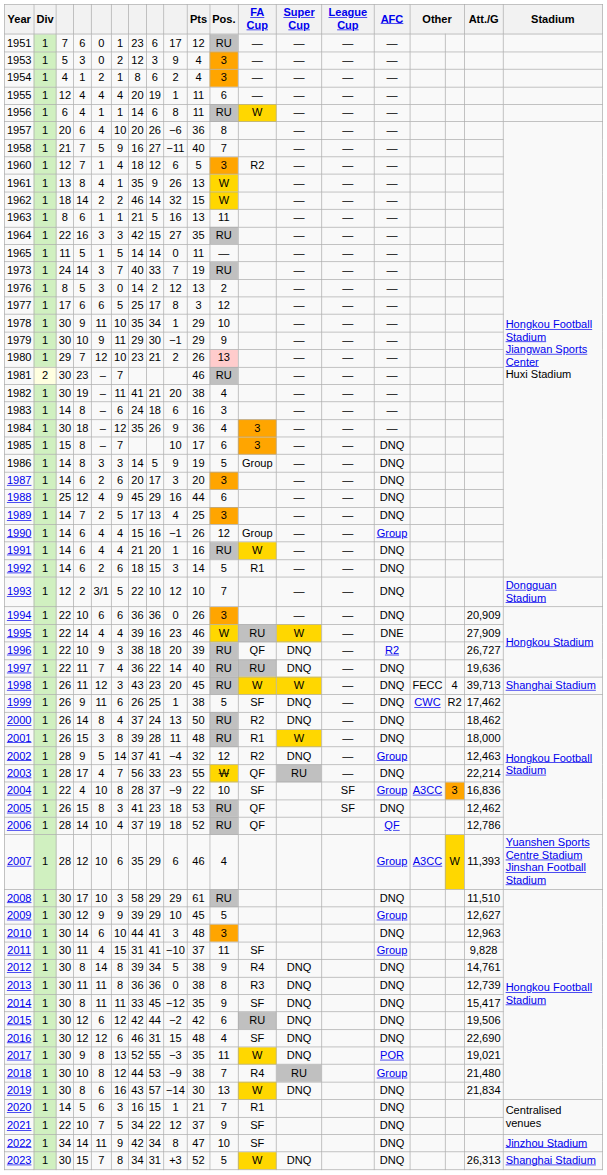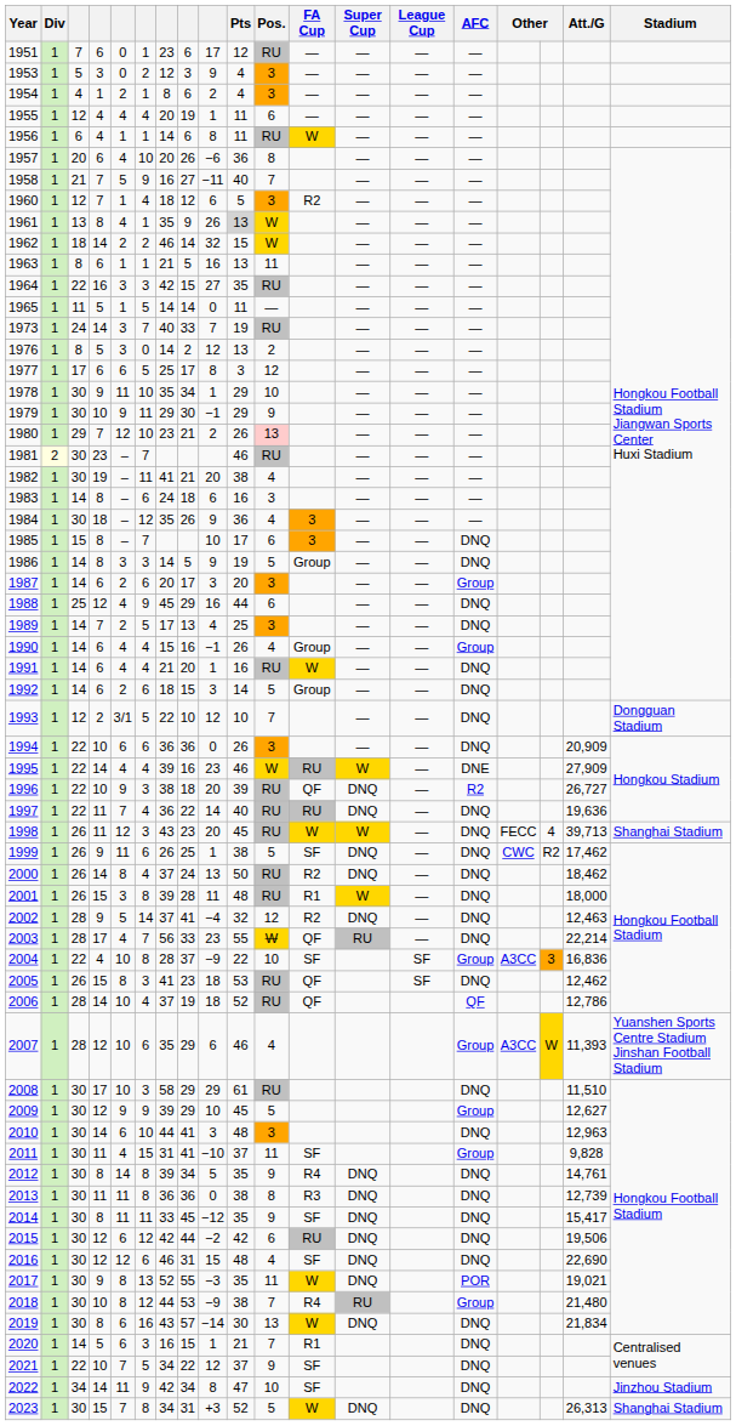 <table class="wikitable sortable" style="text-align:center;">
 <tr>
 <th>Year</th>
 <th>Div</th>
 <th></th>
 <th></th>
 <th></th>
 <th></th>
 <th></th>
 <th></th>
 <th></th>
 <th>Pts</th>
 <th>Pos.</th>
 <th><a href='#'>FA Cup</a></th>
 <th><a href='#'>Super Cup</a></th>
 <th><a href='#'>League Cup</a></th>
 <th><a href='#'>AFC</a></th>
 <th colspan=2>Other</th>
 <th>Att./G</th>
 <th>Stadium</th>
 </tr>
 <tr>
 <td>1951</td>
 <td style="background:#d0f0c0;">1</td>
 <td>7</td>
 <td>6</td>
 <td>0</td>
 <td>1</td>
 <td>23</td>
 <td>6</td>
 <td>17</td>
 <td>12</td>
 <td style="background:silver;">RU</td>
 <td>—</td>
 <td>—</td>
 <td>—</td>
 <td>—</td>
 <td></td>
 <td></td>
 <td></td>
 <td></td>
 </tr>
 <tr>
 <td>1953</td>
 <td style="background:#d0f0c0;">1</td>
 <td>5</td>
 <td>3</td>
 <td>0</td>
 <td>2</td>
 <td>12</td>
 <td>3</td>
 <td>9</td>
 <td>4</td>
 <td style="background:orange;">3</td>
 <td>—</td>
 <td>—</td>
 <td>—</td>
 <td>—</td>
 <td></td>
 <td></td>
 <td></td>
 <td></td>
 </tr>
 <tr>
 <td>1954</td>
 <td style="background:#d0f0c0;">1</td>
 <td>4</td>
 <td>1</td>
 <td>2</td>
 <td>1</td>
 <td>8</td>
 <td>6</td>
 <td>2</td>
 <td>4</td>
 <td style="background:orange;">3</td>
 <td>—</td>
 <td>—</td>
 <td>—</td>
 <td>—</td>
 <td></td>
 <td></td>
 <td></td>
 <td></td>
 </tr>
 <tr>
 <td>1955</td>
 <td style="background:#d0f0c0;">1</td>
 <td>12</td>
 <td>4</td>
 <td>4</td>
 <td>4</td>
 <td>20</td>
 <td>19</td>
 <td>1</td>
 <td>11</td>
 <td>6</td>
 <td>—</td>
 <td>—</td>
 <td>—</td>
 <td>—</td>
 <td></td>
 <td></td>
 <td></td>
 <td></td>
 </tr>
 <tr>
 <td>1956</td>
 <td style="background:#d0f0c0;">1</td>
 <td>6</td>
 <td>4</td>
 <td>1</td>
 <td>1</td>
 <td>14</td>
 <td>6</td>
 <td>8</td>
 <td>11</td>
 <td style="background:silver;">RU</td>
 <td style="background:gold;">W</td>
 <td>—</td>
 <td>—</td>
 <td>—</td>
 <td></td>
 <td></td>
 <td></td>
 <td></td>
 </tr>
 <tr>
 <td>1957</td>
 <td style="background:#d0f0c0;">1</td>
 <td>20</td>
 <td>6</td>
 <td>4</td>
 <td>10</td>
 <td>20</td>
 <td>26</td>
 <td>−6</td>
 <td>36</td>
 <td>8</td>
 <td></td>
 <td>—</td>
 <td>—</td>
 <td>—</td>
 <td></td>
 <td></td>
 <td></td>
 <td style="text-align:left;" rowspan="26"><a href='#'>Hongkou Football Stadium</a><br><a href='#'>Jiangwan Sports Center</a><br>Huxi Stadium</td>
 </tr>
 <tr>
 <td>1958</td>
 <td style="background:#d0f0c0;">1</td>
 <td>21</td>
 <td>7</td>
 <td>5</td>
 <td>9</td>
 <td>16</td>
 <td>27</td>
 <td>−11</td>
 <td>40</td>
 <td>7</td>
 <td></td>
 <td>—</td>
 <td>—</td>
 <td>—</td>
 <td></td>
 <td></td>
 <td></td>
 </tr>
 <tr>
 <td>1960</td>
 <td style="background:#d0f0c0;">1</td>
 <td>12</td>
 <td>7</td>
 <td>1</td>
 <td>4</td>
 <td>18</td>
 <td>12</td>
 <td>6</td>
 <td>5</td>
 <td style="background:orange;">3</td>
 <td>R2</td>
 <td>—</td>
 <td>—</td>
 <td>—</td>
 <td></td>
 <td></td>
 <td></td>
 </tr>
 <tr>
 <td>1961</td>
 <td style="background:#d0f0c0;">1</td>
 <td>13</td>
 <td>8</td>
 <td>4</td>
 <td>1</td>
 <td>35</td>
 <td>9</td>
 <td>26</td>
-<td>13</td>
+<td style="background: lightgrey;">13</td>
 <td style="background:gold;">W</td>
 <td></td>
 <td>—</td>
 <td>—</td>
 <td>—</td>
 <td></td>
 <td></td>
 <td></td>
 </tr>
 <tr>
 <td>1962</td>
 <td style="background:#d0f0c0;">1</td>
 <td>18</td>
 <td>14</td>
 <td>2</td>
 <td>2</td>
 <td>46</td>
 <td>14</td>
 <td>32</td>
 <td>15</td>
 <td style="background:gold;">W</td>
 <td></td>
 <td>—</td>
 <td>—</td>
 <td>—</td>
 <td></td>
 <td></td>
 <td></td>
 </tr>
 <tr>
 <td>1963</td>
 <td style="background:#d0f0c0;">1</td>
 <td>8</td>
 <td>6</td>
 <td>1</td>
 <td>1</td>
 <td>21</td>
 <td>5</td>
 <td>16</td>
 <td>13</td>
 <td>11</td>
 <td></td>
 <td>—</td>
 <td>—</td>
 <td>—</td>
 <td></td>
 <td></td>
 <td></td>
 </tr>
 <tr>
 <td>1964</td>
 <td style="background:#d0f0c0;">1</td>
 <td>22</td>
 <td>16</td>
 <td>3</td>
 <td>3</td>
 <td>42</td>
 <td>15</td>
 <td>27</td>
 <td>35</td>
 <td style="background:silver;">RU</td>
 <td></td>
 <td>—</td>
 <td>—</td>
 <td>—</td>
 <td></td>
 <td></td>
 <td></td>
 </tr>
 <tr>
 <td>1965</td>
 <td style="background:#d0f0c0;">1</td>
 <td>11</td>
 <td>5</td>
 <td>1</td>
 <td>5</td>
 <td>14</td>
 <td>14</td>
 <td>0</td>
 <td>11</td>
 <td>—</td>
 <td></td>
 <td>—</td>
 <td>—</td>
 <td>—</td>
 <td></td>
 <td></td>
 <td></td>
 </tr>
 <tr>
 <td>1973</td>
 <td style="background:#d0f0c0;">1</td>
 <td>24</td>
 <td>14</td>
 <td>3</td>
 <td>7</td>
 <td>40</td>
 <td>33</td>
 <td>7</td>
 <td>19</td>
 <td style="background:silver;">RU</td>
 <td></td>
 <td>—</td>
 <td>—</td>
 <td>—</td>
 <td></td>
 <td></td>
 <td></td>
 </tr>
 <tr>
 <td>1976</td>
 <td style="background:#d0f0c0;">1</td>
 <td>8</td>
 <td>5</td>
 <td>3</td>
 <td>0</td>
 <td>14</td>
 <td>2</td>
 <td>12</td>
 <td>13</td>
 <td>2</td>
 <td></td>
 <td>—</td>
 <td>—</td>
 <td>—</td>
 <td></td>
 <td></td>
 <td></td>
 </tr>
 <tr>
 <td>1977</td>
 <td style="background:#d0f0c0;">1</td>
 <td>17</td>
 <td>6</td>
 <td>6</td>
 <td>5</td>
 <td>25</td>
 <td>17</td>
 <td>8</td>
 <td>3</td>
 <td>12</td>
 <td></td>
 <td>—</td>
 <td>—</td>
 <td>—</td>
 <td></td>
 <td></td>
 <td></td>
 </tr>
 <tr>
 <td>1978</td>
 <td style="background:#d0f0c0;">1</td>
 <td>30</td>
 <td>9</td>
 <td>11</td>
 <td>10</td>
 <td>35</td>
 <td>34</td>
 <td>1</td>
 <td>29</td>
 <td>10</td>
 <td></td>
 <td>—</td>
 <td>—</td>
 <td>—</td>
 <td></td>
 <td></td>
 <td></td>
 </tr>
 <tr>
 <td>1979</td>
 <td style="background:#d0f0c0;">1</td>
 <td>30</td>
 <td>10</td>
 <td>9</td>
 <td>11</td>
 <td>29</td>
 <td>30</td>
 <td>−1</td>
 <td>29</td>
 <td>9</td>
 <td></td>
 <td>—</td>
 <td>—</td>
 <td>—</td>
 <td></td>
 <td></td>
 <td></td>
 </tr>
 <tr>
 <td>1980</td>
 <td style="background:#d0f0c0;">1</td>
 <td>29</td>
 <td>7</td>
 <td>12</td>
 <td>10</td>
 <td>23</td>
 <td>21</td>
 <td>2</td>
 <td>26</td>
 <td style="background:#fcc;">13</td>
 <td></td>
 <td>—</td>
 <td>—</td>
 <td>—</td>
 <td></td>
 <td></td>
 <td></td>
 </tr>
 <tr>
 <td>1981</td>
 <td style="background:#ffffe0;">2</td>
 <td>30</td>
 <td>23</td>
 <td> –</td>
 <td>7</td>
 <td></td>
 <td></td>
 <td></td>
 <td>46</td>
 <td style="background:silver;">RU</td>
 <td></td>
 <td>—</td>
 <td>—</td>
 <td>—</td>
 <td></td>
 <td></td>
 <td></td>
 </tr>
 <tr>
 <td>1982</td>
 <td style="background:#d0f0c0;">1</td>
 <td>30</td>
 <td>19</td>
 <td> –</td>
 <td>11</td>
 <td>41</td>
 <td>21</td>
 <td>20</td>
 <td>38</td>
 <td>4</td>
 <td></td>
 <td>—</td>
 <td>—</td>
 <td>—</td>
 <td></td>
 <td></td>
 <td></td>
 </tr>
 <tr>
 <td>1983</td>
 <td style="background:#d0f0c0;">1</td>
 <td>14</td>
 <td>8</td>
 <td> –</td>
 <td>6</td>
 <td>24</td>
 <td>18</td>
 <td>6</td>
 <td>16</td>
 <td>3</td>
 <td></td>
 <td>—</td>
 <td>—</td>
 <td>—</td>
 <td></td>
 <td></td>
 <td></td>
 </tr>
 <tr>
 <td>1984</td>
 <td style="background:#d0f0c0;">1</td>
 <td>30</td>
 <td>18</td>
 <td> –</td>
 <td>12</td>
 <td>35</td>
 <td>26</td>
 <td>9</td>
 <td>36</td>
 <td>4</td>
 <td style="background:orange;">3</td>
 <td>—</td>
 <td>—</td>
 <td>—</td>
 <td></td>
 <td></td>
 <td></td>
 </tr>
 <tr>
 <td>1985</td>
 <td style="background:#d0f0c0;">1</td>
 <td>15</td>
 <td>8</td>
 <td> –</td>
 <td>7</td>
 <td></td>
 <td></td>
 <td>10</td>
 <td>17</td>
 <td>6</td>
 <td style="background:orange;">3</td>
 <td>—</td>
 <td>—</td>
 <td>DNQ</td>
 <td></td>
 <td></td>
 <td></td>
 </tr>
 <tr>
 <td>1986</td>
 <td style="background:#d0f0c0;">1</td>
 <td>14</td>
 <td>8</td>
 <td>3</td>
 <td>3</td>
 <td>14</td>
 <td>5</td>
 <td>9</td>
 <td>19</td>
 <td>5</td>
 <td>Group</td>
 <td>—</td>
 <td>—</td>
 <td>DNQ</td>
 <td></td>
 <td></td>
 <td></td>
 </tr>
 <tr>
 <td><a href='#'>1987</a></td>
 <td style="background:#d0f0c0;">1</td>
 <td>14</td>
 <td>6</td>
 <td>2</td>
 <td>6</td>
 <td>20</td>
 <td>17</td>
 <td>3</td>
 <td>20</td>
 <td style="background:orange;">3</td>
 <td></td>
 <td>—</td>
 <td>—</td>
-<td>DNQ</td>
+<td><a href='#'>Group</a></td>
 <td></td>
 <td></td>
 <td></td>
 </tr>
 <tr>
 <td><a href='#'>1988</a></td>
 <td style="background:#d0f0c0;">1</td>
 <td>25</td>
 <td>12</td>
 <td>4</td>
 <td>9</td>
 <td>45</td>
 <td>29</td>
 <td>16</td>
 <td>44</td>
 <td>6</td>
 <td></td>
 <td>—</td>
 <td>—</td>
 <td>DNQ</td>
 <td></td>
 <td></td>
 <td></td>
 </tr>
 <tr>
 <td><a href='#'>1989</a></td>
 <td style="background:#d0f0c0;">1</td>
 <td>14</td>
 <td>7</td>
 <td>2</td>
 <td>5</td>
 <td>17</td>
 <td>13</td>
 <td>4</td>
 <td>25</td>
 <td style="background:orange;">3</td>
 <td></td>
 <td>—</td>
 <td>—</td>
 <td>DNQ</td>
 <td></td>
 <td></td>
 <td></td>
 </tr>
 <tr>
 <td><a href='#'>1990</a></td>
 <td style="background:#d0f0c0;">1</td>
 <td>14</td>
 <td>6</td>
 <td>4</td>
 <td>4</td>
 <td>15</td>
 <td>16</td>
 <td>−1</td>
 <td>26</td>
-<td>12</td>
+<td>4</td>
 <td>Group</td>
 <td>—</td>
 <td>—</td>
 <td><a href='#'>Group</a></td>
 <td></td>
 <td></td>
 <td></td>
 </tr>
 <tr>
 <td><a href='#'>1991</a></td>
 <td style="background:#d0f0c0;">1</td>
 <td>14</td>
 <td>6</td>
 <td>4</td>
 <td>4</td>
 <td>21</td>
 <td>20</td>
 <td>1</td>
 <td>16</td>
 <td style="background:silver;">RU</td>
 <td style="background:gold;">W</td>
 <td>—</td>
 <td>—</td>
 <td>DNQ</td>
 <td></td>
 <td></td>
 <td></td>
 </tr>
 <tr>
 <td><a href='#'>1992</a></td>
 <td style="background:#d0f0c0;">1</td>
 <td>14</td>
 <td>6</td>
 <td>2</td>
 <td>6</td>
 <td>18</td>
 <td>15</td>
 <td>3</td>
 <td>14</td>
 <td>5</td>
-<td>R1</td>
+<td>Group</td>
 <td>—</td>
 <td>—</td>
 <td>DNQ</td>
 <td></td>
 <td></td>
 <td></td>
 </tr>
 <tr>
 <td><a href='#'>1993</a></td>
 <td style="background:#d0f0c0;">1</td>
 <td>12</td>
 <td>2</td>
 <td>3/1</td>
 <td>5</td>
 <td>22</td>
 <td>10</td>
 <td>12</td>
 <td>10</td>
 <td>7</td>
 <td></td>
 <td>—</td>
 <td>—</td>
 <td>DNQ</td>
 <td></td>
 <td></td>
 <td></td>
 <td style="text-align:left;"><a href='#'>Dongguan Stadium</a></td>
 </tr>
 <tr>
 <td><a href='#'>1994</a></td>
 <td style="background:#d0f0c0;">1</td>
 <td>22</td>
 <td>10</td>
 <td>6</td>
 <td>6</td>
 <td>36</td>
 <td>36</td>
 <td>0</td>
 <td>26</td>
 <td style="background:orange;">3</td>
 <td></td>
 <td>—</td>
 <td>—</td>
 <td>DNQ</td>
 <td></td>
 <td></td>
 <td>20,909</td>
 <td style="text-align:left;" rowspan="4"><a href='#'>Hongkou Stadium</a></td>
 </tr>
 <tr>
 <td><a href='#'>1995</a></td>
 <td style="background:#d0f0c0;">1</td>
 <td>22</td>
 <td>14</td>
 <td>4</td>
 <td>4</td>
 <td>39</td>
 <td>16</td>
 <td>23</td>
 <td>46</td>
 <td style="background:gold;">W</td>
 <td style="background:silver;">RU</td>
 <td style="background:gold;">W</td>
 <td>—</td>
 <td>DNE</td>
 <td></td>
 <td></td>
 <td>27,909</td>
 </tr>
 <tr>
 <td><a href='#'>1996</a></td>
 <td style="background:#d0f0c0;">1</td>
 <td>22</td>
 <td>10</td>
 <td>9</td>
 <td>3</td>
 <td>38</td>
 <td>18</td>
 <td>20</td>
 <td>39</td>
 <td style="background:silver;">RU</td>
 <td>QF</td>
 <td>DNQ</td>
 <td>—</td>
 <td><a href='#'>R2</a></td>
 <td></td>
 <td></td>
 <td>26,727</td>
 </tr>
 <tr>
 <td><a href='#'>1997</a></td>
 <td style="background:#d0f0c0;">1</td>
 <td>22</td>
 <td>11</td>
 <td>7</td>
 <td>4</td>
 <td>36</td>
 <td>22</td>
 <td>14</td>
 <td>40</td>
 <td style="background:silver;">RU</td>
 <td style="background:silver;">RU</td>
 <td>DNQ</td>
 <td>—</td>
 <td>DNQ</td>
 <td></td>
 <td></td>
 <td>19,636</td>
 </tr>
 <tr>
 <td><a href='#'>1998</a></td>
 <td style="background:#d0f0c0;">1</td>
 <td>26</td>
 <td>11</td>
 <td>12</td>
 <td>3</td>
 <td>43</td>
 <td>23</td>
 <td>20</td>
 <td>45</td>
 <td style="background:silver;">RU</td>
 <td style="background:gold;">W</td>
 <td style="background:gold;">W</td>
 <td>—</td>
 <td>DNQ</td>
 <td>FECC</td>
 <td>4</td>
 <td>39,713</td>
 <td style="text-align:left;"><a href='#'>Shanghai Stadium</a></td>
 </tr>
 <tr>
 <td><a href='#'>1999</a></td>
 <td style="background:#d0f0c0;">1</td>
 <td>26</td>
 <td>9</td>
 <td>11</td>
 <td>6</td>
 <td>26</td>
 <td>25</td>
 <td>1</td>
 <td>38</td>
 <td>5</td>
 <td>SF</td>
 <td>DNQ</td>
 <td>—</td>
 <td>DNQ</td>
 <td><a href='#'>CWC</a></td>
 <td>R2</td>
 <td>17,462</td>
 <td style="text-align:left;" rowspan="8"><a href='#'>Hongkou Football Stadium</a></td>
 </tr>
 <tr>
 <td><a href='#'>2000</a></td>
 <td style="background:#d0f0c0;">1</td>
 <td>26</td>
 <td>14</td>
 <td>8</td>
 <td>4</td>
 <td>37</td>
 <td>24</td>
 <td>13</td>
 <td>50</td>
 <td style="background:silver;">RU</td>
 <td>R2</td>
 <td>DNQ</td>
 <td>—</td>
 <td>DNQ</td>
 <td></td>
 <td></td>
 <td>18,462</td>
 </tr>
 <tr>
 <td><a href='#'>2001</a></td>
 <td style="background:#d0f0c0;">1</td>
 <td>26</td>
 <td>15</td>
 <td>3</td>
 <td>8</td>
 <td>39</td>
 <td>28</td>
 <td>11</td>
 <td>48</td>
 <td style="background:silver;">RU</td>
 <td>R1</td>
 <td style="background:gold;">W</td>
 <td>—</td>
 <td>DNQ</td>
 <td></td>
 <td></td>
 <td>18,000</td>
 </tr>
 <tr>
 <td><a href='#'>2002</a></td>
 <td style="background:#d0f0c0;">1</td>
 <td>28</td>
 <td>9</td>
 <td>5</td>
 <td>14</td>
 <td>37</td>
 <td>41</td>
 <td>−4</td>
 <td>32</td>
 <td>12</td>
 <td>R2</td>
 <td>DNQ</td>
 <td>—</td>
-<td><a href='#'>Group</a></td>
+<td>DNQ</td>
 <td></td>
 <td></td>
 <td>12,463</td>
 </tr>
 <tr>
 <td><a href='#'>2003</a></td>
 <td style="background:#d0f0c0;">1</td>
 <td>28</td>
 <td>17</td>
 <td>4</td>
 <td>7</td>
 <td>56</td>
 <td>33</td>
 <td>23</td>
 <td>55</td>
 <td style="background:gold;"><s>W</s></td>
 <td>QF</td>
 <td style="background:silver;">RU</td>
 <td>—</td>
 <td>DNQ</td>
 <td></td>
 <td></td>
 <td>22,214</td>
 </tr>
 <tr>
 <td><a href='#'>2004</a></td>
 <td style="background:#d0f0c0;">1</td>
 <td>22</td>
 <td>4</td>
 <td>10</td>
 <td>8</td>
 <td>28</td>
 <td>37</td>
 <td>−9</td>
 <td>22</td>
 <td>10</td>
 <td>SF</td>
 <td></td>
 <td>SF</td>
 <td><a href='#'>Group</a></td>
 <td><a href='#'>A3CC</a></td>
 <td style="background:orange;">3</td>
 <td>16,836</td>
 </tr>
 <tr>
 <td><a href='#'>2005</a></td>
 <td style="background:#d0f0c0;">1</td>
 <td>26</td>
 <td>15</td>
 <td>8</td>
 <td>3</td>
 <td>41</td>
 <td>23</td>
 <td>18</td>
 <td>53</td>
 <td style="background:silver;">RU</td>
 <td>QF</td>
 <td></td>
 <td>SF</td>
 <td>DNQ</td>
 <td></td>
 <td></td>
 <td>12,462</td>
 </tr>
 <tr>
 <td><a href='#'>2006</a></td>
 <td style="background:#d0f0c0;">1</td>
 <td>28</td>
 <td>14</td>
 <td>10</td>
 <td>4</td>
 <td>37</td>
 <td>19</td>
 <td>18</td>
 <td>52</td>
 <td style="background:silver;">RU</td>
 <td>QF</td>
 <td></td>
 <td></td>
 <td><a href='#'>QF</a></td>
 <td></td>
 <td></td>
 <td>12,786</td>
 </tr>
 <tr>
 <td><a href='#'>2007</a></td>
 <td style="background:#d0f0c0;">1</td>
 <td>28</td>
 <td>12</td>
 <td>10</td>
 <td>6</td>
 <td>35</td>
 <td>29</td>
 <td>6</td>
 <td>46</td>
 <td>4</td>
 <td></td>
 <td></td>
 <td></td>
 <td><a href='#'>Group</a></td>
 <td><a href='#'>A3CC</a></td>
 <td style="background:gold;">W</td>
 <td>11,393</td>
 <td style="text-align:left;"><a href='#'>Yuanshen Sports Centre Stadium</a><br><a href='#'>Jinshan Football Stadium</a></td>
 </tr>
 <tr>
 <td><a href='#'>2008</a></td>
 <td style="background:#d0f0c0;">1</td>
 <td>30</td>
 <td>17</td>
 <td>10</td>
 <td>3</td>
 <td>58</td>
 <td>29</td>
 <td>29</td>
 <td>61</td>
 <td style="background:silver;">RU</td>
 <td></td>
 <td></td>
 <td></td>
 <td>DNQ</td>
 <td></td>
 <td></td>
 <td>11,510</td>
 <td style="text-align:left;" rowspan="12"><a href='#'>Hongkou Football Stadium</a></td>
 </tr>
 <tr>
 <td><a href='#'>2009</a></td>
 <td style="background:#d0f0c0;">1</td>
 <td>30</td>
 <td>12</td>
 <td>9</td>
 <td>9</td>
 <td>39</td>
 <td>29</td>
 <td>10</td>
 <td>45</td>
 <td>5</td>
 <td></td>
 <td></td>
 <td></td>
 <td><a href='#'>Group</a></td>
 <td></td>
 <td></td>
 <td>12,627</td>
 </tr>
 <tr>
 <td><a href='#'>2010</a></td>
 <td style="background:#d0f0c0;">1</td>
 <td>30</td>
 <td>14</td>
 <td>6</td>
 <td>10</td>
 <td>44</td>
 <td>41</td>
 <td>3</td>
 <td>48</td>
 <td style="background:orange;">3</td>
 <td></td>
 <td></td>
 <td></td>
 <td>DNQ</td>
 <td></td>
 <td></td>
 <td>12,963</td>
 </tr>
 <tr>
 <td><a href='#'>2011</a></td>
 <td style="background:#d0f0c0;">1</td>
 <td>30</td>
 <td>11</td>
 <td>4</td>
 <td>15</td>
 <td>31</td>
 <td>41</td>
 <td>−10</td>
 <td>37</td>
 <td>11</td>
 <td>SF</td>
 <td></td>
 <td></td>
 <td><a href='#'>Group</a></td>
 <td></td>
 <td></td>
 <td>9,828</td>
 </tr>
 <tr>
 <td><a href='#'>2012</a></td>
 <td style="background:#d0f0c0;">1</td>
 <td>30</td>
 <td>8</td>
 <td>14</td>
 <td>8</td>
 <td>39</td>
 <td>34</td>
 <td>5</td>
-<td>38</td>
+<td>35</td>
 <td>9</td>
 <td>R4</td>
 <td>DNQ</td>
 <td></td>
 <td>DNQ</td>
 <td></td>
 <td></td>
 <td>14,761</td>
 </tr>
 <tr>
 <td><a href='#'>2013</a></td>
 <td style="background:#d0f0c0;">1</td>
 <td>30</td>
 <td>11</td>
 <td>11</td>
 <td>8</td>
 <td>36</td>
 <td>36</td>
 <td>0</td>
 <td>38</td>
 <td>8</td>
 <td>R3</td>
 <td>DNQ</td>
 <td></td>
 <td>DNQ</td>
 <td></td>
 <td></td>
 <td>12,739</td>
 </tr>
 <tr>
 <td><a href='#'>2014</a></td>
 <td style="background:#d0f0c0;">1</td>
 <td>30</td>
 <td>8</td>
 <td>11</td>
 <td>11</td>
 <td>33</td>
 <td>45</td>
 <td>−12</td>
 <td>35</td>
 <td>9</td>
 <td>SF</td>
 <td>DNQ</td>
 <td></td>
 <td>DNQ</td>
 <td></td>
 <td></td>
 <td>15,417</td>
 </tr>
 <tr>
 <td><a href='#'>2015</a></td>
 <td style="background:#d0f0c0;">1</td>
 <td>30</td>
 <td>12</td>
 <td>6</td>
 <td>12</td>
 <td>42</td>
 <td>44</td>
 <td>−2</td>
 <td>42</td>
 <td>6</td>
 <td style="background:silver;">RU</td>
 <td>DNQ</td>
 <td></td>
 <td>DNQ</td>
 <td></td>
 <td></td>
 <td>19,506</td>
 </tr>
 <tr>
 <td><a href='#'>2016</a></td>
 <td style="background:#d0f0c0;">1</td>
 <td>30</td>
 <td>12</td>
 <td>12</td>
 <td>6</td>
 <td>46</td>
 <td>31</td>
 <td>15</td>
 <td>48</td>
 <td>4</td>
 <td>SF</td>
 <td>DNQ</td>
 <td></td>
 <td>DNQ</td>
 <td></td>
 <td></td>
 <td>22,690</td>
 </tr>
 <tr>
 <td><a href='#'>2017</a></td>
 <td style="background:#d0f0c0;">1</td>
 <td>30</td>
 <td>9</td>
 <td>8</td>
 <td>13</td>
 <td>52</td>
 <td>55</td>
 <td>−3</td>
 <td>35</td>
 <td>11</td>
 <td style="background:gold;">W</td>
 <td>DNQ</td>
 <td></td>
 <td><a href='#'>POR</a></td>
 <td></td>
 <td></td>
 <td>19,021</td>
 </tr>
 <tr>
 <td><a href='#'>2018</a></td>
 <td style="background:#d0f0c0;">1</td>
 <td>30</td>
 <td>10</td>
 <td>8</td>
 <td>12</td>
 <td>44</td>
 <td>53</td>
 <td>−9</td>
 <td>38</td>
 <td>7</td>
 <td>R4</td>
 <td style="background:silver;">RU</td>
 <td></td>
 <td><a href='#'>Group</a></td>
 <td></td>
 <td></td>
 <td>21,480</td>
 </tr>
 <tr>
 <td><a href='#'>2019</a></td>
 <td style="background:#d0f0c0;">1</td>
 <td>30</td>
 <td>8</td>
 <td>6</td>
 <td>16</td>
 <td>43</td>
 <td>57</td>
 <td>−14</td>
 <td>30</td>
 <td>13</td>
 <td style="background:gold;">W</td>
 <td>DNQ</td>
 <td></td>
 <td>DNQ</td>
 <td></td>
 <td></td>
 <td>21,834</td>
 </tr>
 <tr>
 <td><a href='#'>2020</a></td>
 <td style="background:#d0f0c0;">1</td>
 <td>14</td>
 <td>5</td>
 <td>6</td>
 <td>3</td>
 <td>16</td>
 <td>15</td>
 <td>1</td>
 <td>21</td>
 <td>7</td>
 <td>R1</td>
 <td></td>
 <td></td>
 <td>DNQ</td>
 <td></td>
 <td></td>
 <td></td>
 <td style="text-align:left;" rowspan="2">Centralised venues</td>
 </tr>
 <tr>
 <td><a href='#'>2021</a></td>
 <td style="background:#d0f0c0;">1</td>
 <td>22</td>
 <td>10</td>
 <td>7</td>
 <td>5</td>
 <td>34</td>
 <td>22</td>
 <td>12</td>
 <td>37</td>
 <td>9</td>
 <td>SF</td>
 <td></td>
 <td></td>
 <td>DNQ</td>
 <td></td>
 <td></td>
 <td></td>
 </tr>
 <tr>
 <td><a href='#'>2022</a></td>
 <td style="background:#d0f0c0;">1</td>
 <td>34</td>
 <td>14</td>
 <td>11</td>
 <td>9</td>
 <td>42</td>
 <td>34</td>
 <td>8</td>
 <td>47</td>
 <td>10</td>
 <td>SF</td>
 <td></td>
 <td></td>
 <td>DNQ</td>
 <td></td>
 <td></td>
 <td></td>
 <td style="text-align:left;"><a href='#'>Jinzhou Stadium</a></td>
 </tr>
 <tr>
 <td><a href='#'>2023</a></td>
 <td style="background:#d0f0c0;">1</td>
 <td>30</td>
 <td>15</td>
 <td>7</td>
 <td>8</td>
 <td>34</td>
 <td>31</td>
 <td>+3</td>
 <td>52</td>
 <td>5</td>
 <td style="background:gold;">W</td>
 <td>DNQ</td>
 <td></td>
 <td>DNQ</td>
 <td></td>
 <td></td>
 <td>26,313</td>
 <td style="text-align:left;" rowspan="1"><a href='#'>Shanghai Stadium</a></td>
 </tr>
 </table>
